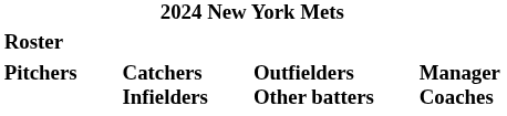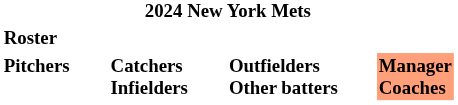 <table class="toccolours" style="font-size: 95%;">
 <tr>
 <th colspan="10">2024 New York Mets</th>
 </tr>
 <tr>
 <td colspan="10"><strong>Roster</strong></td>
 </tr>
 <tr>
 <td valign="top"><strong>Pitchers</strong><br>                                  </td>
 <td width="25px"></td>
 <td valign="top"><strong>Catchers</strong><br>     <strong>Infielders</strong>          </td>
 <td width="25px"></td>
 <td valign="top"><strong>Outfielders</strong><br>       <strong>Other batters</strong>  </td>
 <td width="25px"></td>
-<td valign="top"><strong>Manager</strong><br> <strong>Coaches</strong>             </td>
+<td valign="top" style="background: lightsalmon;"><strong>Manager</strong><br> <strong>Coaches</strong>             </td>
 </tr>
 </table>
